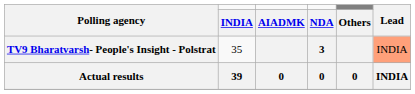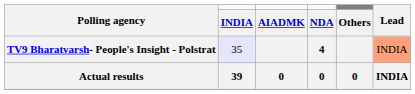 <table class="wikitable" style="text-align:center;font-size:95%;line-height:30px;">
 <tr>
 <th rowspan="2" class="wikitable">Polling agency</th>
 <td></td>
 <td></td>
 <td></td>
 <td style="background:grey;"></td>
 <th rowspan="2">Lead</th>
 </tr>
 <tr>
 <th class="wikitable"><a href='#'>INDIA</a></th>
 <th class="wikitable"><a href='#'>AIADMK</a></th>
 <th class="wikitable"><a href='#'>NDA</a></th>
 <th class="wikitable">Others</th>
 </tr>
 <tr>
 <th><a href='#'>TV9 Bharatvarsh</a>- People's Insight - Polstrat</th>
-<td>35</td>
+<td style="background: lavender;">35</td>
 <th></th>
-<th>3</th>
+<th>4</th>
 <th></th>
 <td style="background: lightsalmon;">INDIA</td>
 </tr>
 <tr>
 <th>Actual results</th>
 <th style="background:"><strong>39</strong></th>
 <th>0</th>
 <th>0</th>
 <th>0</th>
 <th style="background:"><strong>INDIA</strong></th>
 </tr>
 <tr>
 </tr>
 </table>
